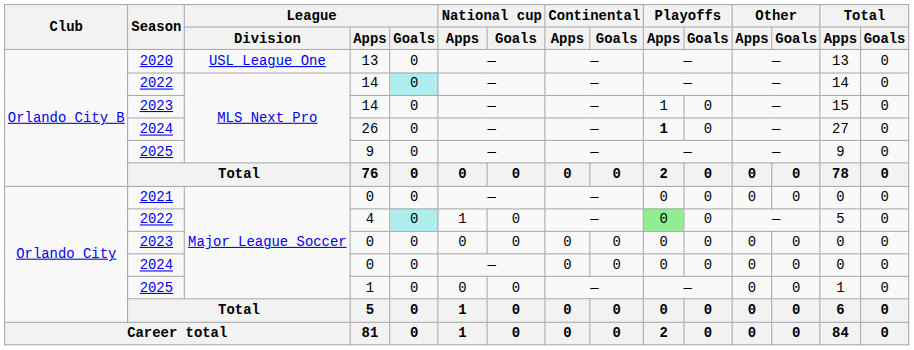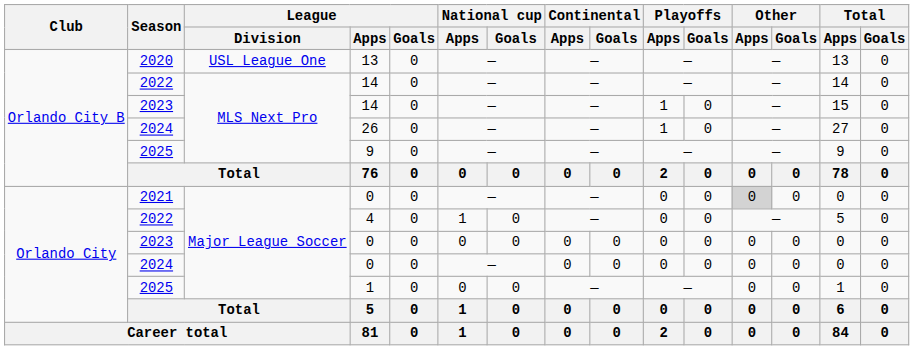 <table class="wikitable" style="text-align:center;">
 <tr>
 <th rowspan="2">Club</th>
 <th rowspan="2">Season</th>
 <th colspan="3">League</th>
 <th colspan="2">National cup</th>
 <th colspan="2">Continental</th>
 <th colspan="2">Playoffs</th>
 <th colspan="2">Other</th>
 <th colspan="2">Total</th>
 </tr>
 <tr>
 <th>Division</th>
 <th>Apps</th>
 <th>Goals</th>
 <th>Apps</th>
 <th>Goals</th>
 <th>Apps</th>
 <th>Goals</th>
 <th>Apps</th>
 <th>Goals</th>
 <th>Apps</th>
 <th>Goals</th>
 <th>Apps</th>
 <th>Goals</th>
 </tr>
 <tr>
 <td rowspan="6"><a href='#'>Orlando City B</a></td>
 <td><a href='#'>2020</a></td>
 <td><a href='#'>USL League One</a></td>
 <td>13</td>
 <td>0</td>
 <td colspan="2">—</td>
 <td colspan="2">—</td>
 <td colspan="2">—</td>
 <td colspan="2">—</td>
 <td>13</td>
 <td>0</td>
 </tr>
 <tr>
 <td><a href='#'>2022</a></td>
 <td rowspan="4"><a href='#'>MLS Next Pro</a></td>
 <td>14</td>
-<td style="background: paleturquoise;">0</td>
+<td>0</td>
 <td colspan="2">—</td>
 <td colspan="2">—</td>
 <td colspan="2">—</td>
 <td colspan="2">—</td>
 <td>14</td>
 <td>0</td>
 </tr>
 <tr>
 <td><a href='#'>2023</a></td>
 <td>14</td>
 <td>0</td>
 <td colspan="2">—</td>
 <td colspan="2">—</td>
 <td>1</td>
 <td>0</td>
 <td colspan="2">—</td>
 <td>15</td>
 <td>0</td>
 </tr>
 <tr>
 <td><a href='#'>2024</a></td>
 <td>26</td>
 <td>0</td>
 <td colspan="2">—</td>
 <td colspan="2">—</td>
-<td><strong>1</strong></td>
+<td>1</td>
 <td>0</td>
 <td colspan="2">—</td>
 <td>27</td>
 <td>0</td>
 </tr>
 <tr>
 <td><a href='#'>2025</a></td>
 <td>9</td>
 <td>0</td>
 <td colspan="2">—</td>
 <td colspan="2">—</td>
 <td colspan="2">—</td>
 <td colspan="2">—</td>
 <td>9</td>
 <td>0</td>
 </tr>
 <tr>
 <th colspan="2">Total</th>
 <th>76</th>
 <th>0</th>
 <th>0</th>
 <th>0</th>
 <th>0</th>
 <th>0</th>
 <th>2</th>
 <th>0</th>
 <th>0</th>
 <th>0</th>
 <th>78</th>
 <th>0</th>
 </tr>
 <tr>
 <td rowspan="6"><a href='#'>Orlando City</a></td>
 <td><a href='#'>2021</a></td>
 <td rowspan="5"><a href='#'>Major League Soccer</a></td>
 <td>0</td>
 <td>0</td>
 <td colspan="2">—</td>
 <td colspan="2">—</td>
 <td>0</td>
 <td>0</td>
-<td>0</td>
+<td style="background: lightgrey;">0</td>
 <td>0</td>
 <td>0</td>
 <td>0</td>
 </tr>
 <tr>
 <td><a href='#'>2022</a></td>
 <td>4</td>
-<td style="background: paleturquoise;">0</td>
+<td>0</td>
 <td>1</td>
 <td>0</td>
 <td colspan="2">—</td>
-<td style="background: lightgreen;">0</td>
+<td>0</td>
 <td>0</td>
 <td colspan="2">—</td>
 <td>5</td>
 <td>0</td>
 </tr>
 <tr>
 <td><a href='#'>2023</a></td>
 <td>0</td>
 <td>0</td>
 <td>0</td>
 <td>0</td>
 <td>0</td>
 <td>0</td>
 <td>0</td>
 <td>0</td>
 <td>0</td>
 <td>0</td>
 <td>0</td>
 <td>0</td>
 </tr>
 <tr>
 <td><a href='#'>2024</a></td>
 <td>0</td>
 <td>0</td>
 <td colspan="2">—</td>
 <td>0</td>
 <td>0</td>
 <td>0</td>
 <td>0</td>
 <td>0</td>
 <td>0</td>
 <td>0</td>
 <td>0</td>
 </tr>
 <tr>
 <td><a href='#'>2025</a></td>
 <td>1</td>
 <td>0</td>
 <td>0</td>
 <td>0</td>
 <td colspan="2">—</td>
 <td colspan="2">—</td>
 <td>0</td>
 <td>0</td>
 <td>1</td>
 <td>0</td>
 </tr>
 <tr>
 <th colspan="2">Total</th>
 <th>5</th>
 <th>0</th>
 <th>1</th>
 <th>0</th>
 <th>0</th>
 <th>0</th>
 <th>0</th>
 <th>0</th>
 <th>0</th>
 <th>0</th>
 <th>6</th>
 <th>0</th>
 </tr>
 <tr>
 <th colspan="3">Career total</th>
 <th>81</th>
 <th>0</th>
 <th>1</th>
 <th>0</th>
 <th>0</th>
 <th>0</th>
 <th>2</th>
 <th>0</th>
 <th>0</th>
 <th>0</th>
 <th>84</th>
 <th>0</th>
 </tr>
 </table>
